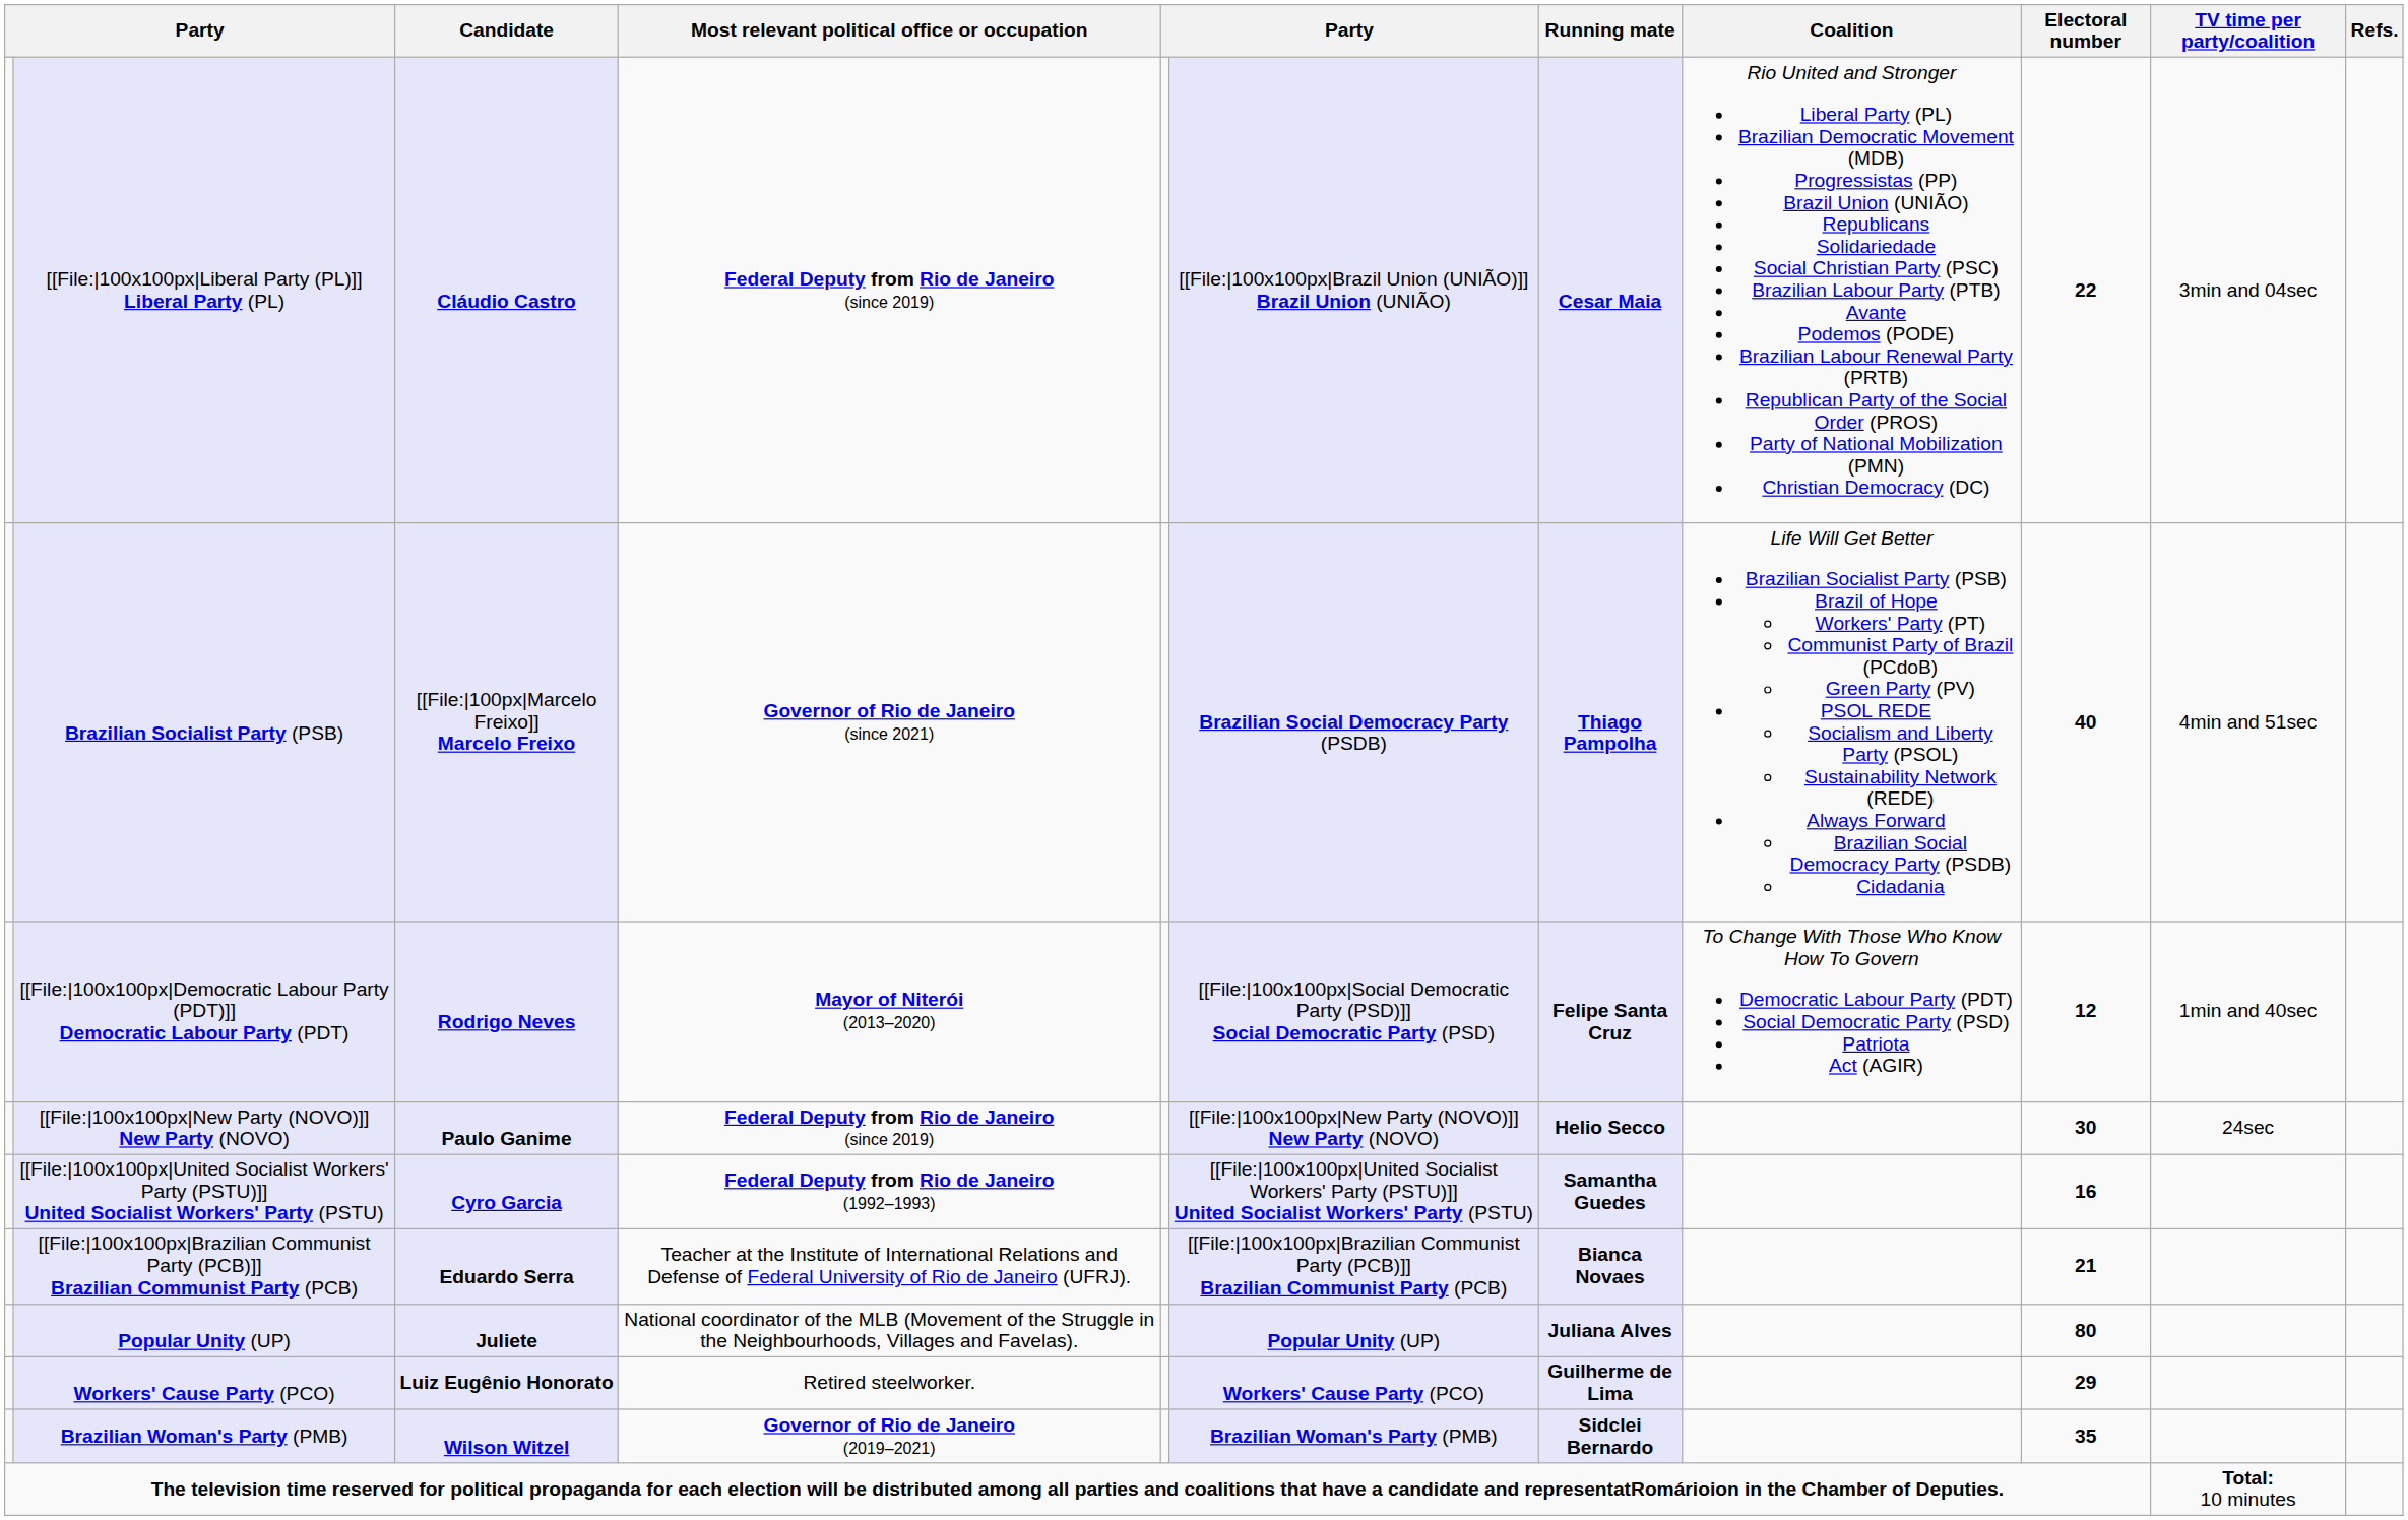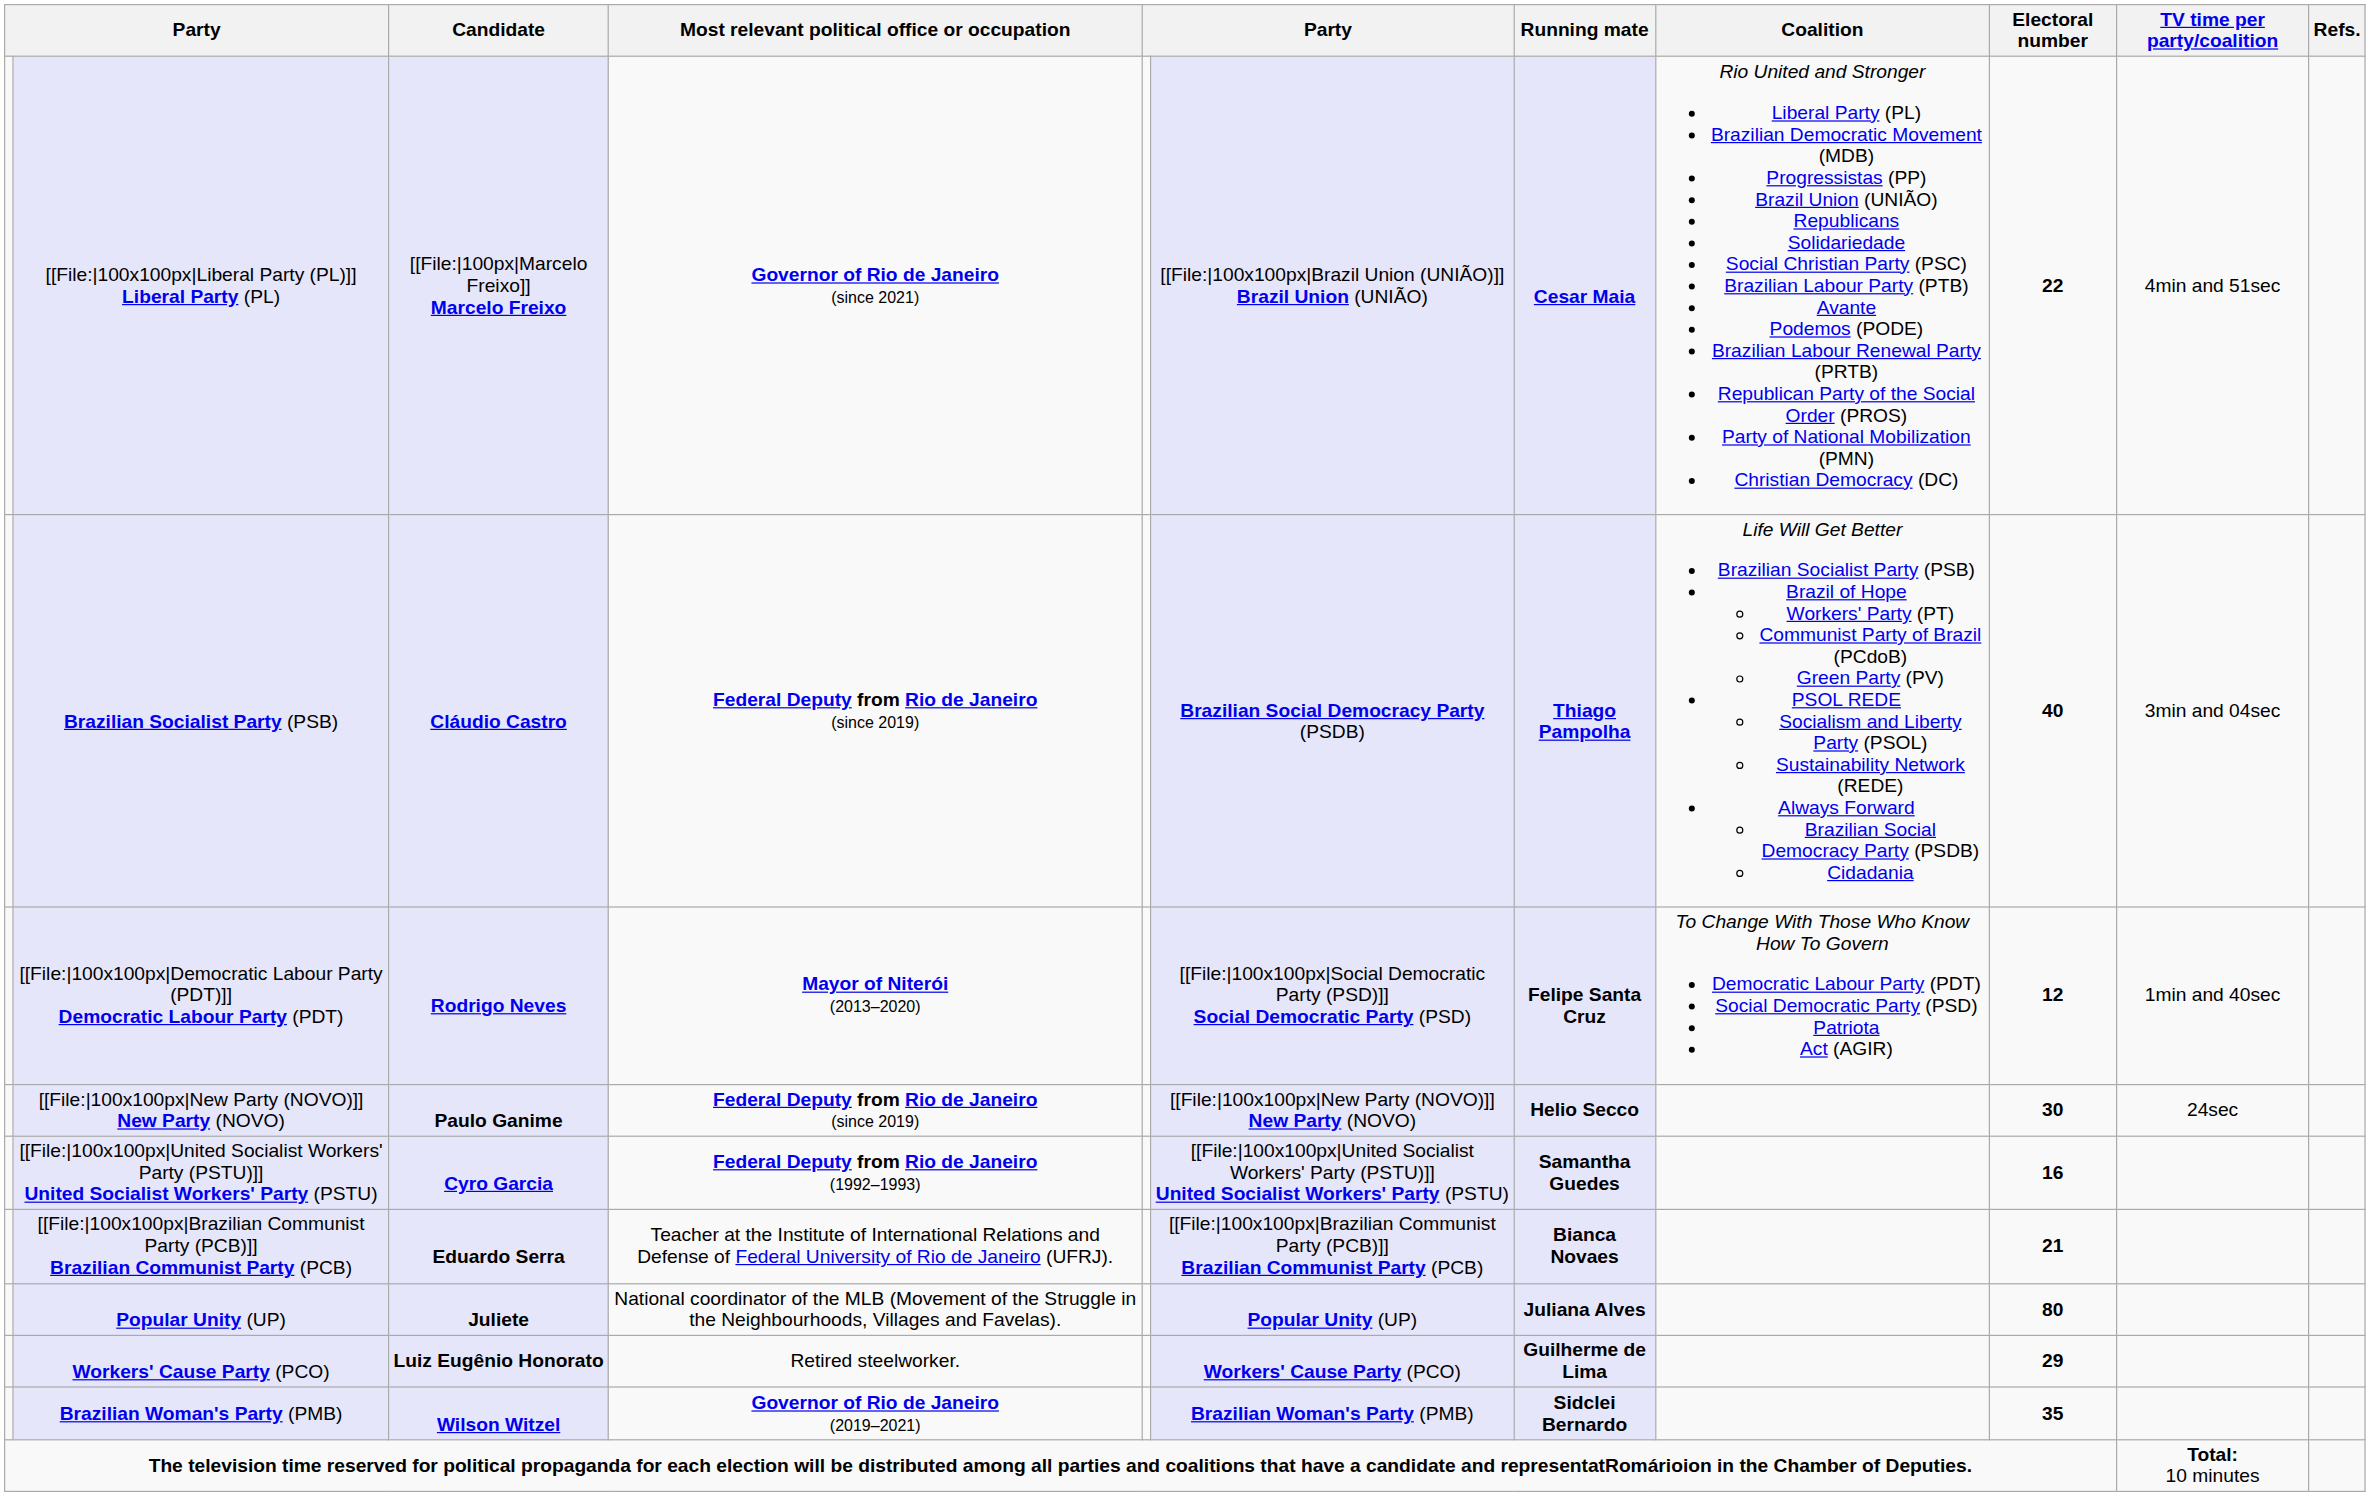 <table class=wikitable style=text-align:center>
 <tr>
 <th colspan=2>Party</th>
 <th>Candidate</th>
 <th style=max-width:10em>Most relevant political office or occupation</th>
 <th colspan="2">Party</th>
 <th>Running mate</th>
 <th>Coalition</th>
 <th>Electoral number</th>
 <th><a href='#'>TV time per party/coalition</a></th>
 <th>Refs.</th>
 </tr>
 <tr>
 <td style="background-color:"></td>
 <td style="background:lavender;">[[File:|100x100px|Liberal Party (PL)]]<br><strong><a href='#'>Liberal Party</a></strong> (PL)</td>
-<td style="background:lavender;"><br><strong><a href='#'>Cláudio Castro</a></strong></td>
-<td><strong><a href='#'>Federal Deputy</a> from <a href='#'>Rio de Janeiro</a></strong><br><small>(since 2019)</small></td>
+<td style="background:lavender;">[[File:|100px|Marcelo Freixo]]<br><strong><a href='#'>Marcelo Freixo</a></strong></td>
+<td><strong><a href='#'>Governor of Rio de Janeiro</a></strong><br><small>(since 2021)</small></td>
 <td style="background-color:"></td>
 <td style="background:lavender;">[[File:|100x100px|Brazil Union (UNIÃO)]]<br><strong><a href='#'>Brazil Union</a></strong> (UNIÃO)</td>
 <td style="background:lavender;"><br><strong><a href='#'>Cesar Maia</a></strong></td>
 <td><em>Rio United and Stronger</em><br><ul><li><a href='#'>Liberal Party</a> (PL)</li><li><a href='#'>Brazilian Democratic Movement</a> (MDB)</li><li><a href='#'>Progressistas</a> (PP)</li><li><a href='#'>Brazil Union</a> (UNIÃO)</li><li><a href='#'>Republicans</a></li><li><a href='#'>Solidariedade</a></li><li><a href='#'>Social Christian Party</a> (PSC)</li><li><a href='#'>Brazilian Labour Party</a> (PTB)</li><li><a href='#'>Avante</a></li><li><a href='#'>Podemos</a> (PODE)</li><li><a href='#'>Brazilian Labour Renewal Party</a> (PRTB)</li><li><a href='#'>Republican Party of the Social Order</a> (PROS)</li><li><a href='#'>Party of National Mobilization</a> (PMN)</li><li><a href='#'>Christian Democracy</a> (DC)</li></ul></td>
 <td><strong>22</strong></td>
-<td>3min and 04sec</td>
+<td>4min and 51sec</td>
 <td></td>
 </tr>
 <tr>
 <td style="background-color:"></td>
 <td style="background:lavender;"><br><strong><a href='#'>Brazilian Socialist Party</a></strong> (PSB)</td>
-<td style="background:lavender;">[[File:|100px|Marcelo Freixo]]<br><strong><a href='#'>Marcelo Freixo</a></strong></td>
-<td><strong><a href='#'>Governor of Rio de Janeiro</a></strong><br><small>(since 2021)</small></td>
+<td style="background:lavender;"><br><strong><a href='#'>Cláudio Castro</a></strong></td>
+<td><strong><a href='#'>Federal Deputy</a> from <a href='#'>Rio de Janeiro</a></strong><br><small>(since 2019)</small></td>
 <td style="background-color:"></td>
 <td style="background:lavender;"><br><strong><a href='#'>Brazilian Social Democracy Party</a></strong> (PSDB)</td>
 <td style="background:lavender;"><br><strong><a href='#'>Thiago Pampolha</a></strong></td>
 <td><em>Life Will Get Better</em><br><ul><li><a href='#'>Brazilian Socialist Party</a> (PSB)</li><li><a href='#'>Brazil of Hope</a><ul><li><a href='#'>Workers' Party</a> (PT)</li><li><a href='#'>Communist Party of Brazil</a> (PCdoB)</li><li><a href='#'>Green Party</a> (PV)</li></ul></li><li><a href='#'>PSOL REDE</a><ul><li><a href='#'>Socialism and Liberty Party</a> (PSOL)</li><li><a href='#'>Sustainability Network</a> (REDE)</li></ul></li><li><a href='#'>Always Forward</a><ul><li><a href='#'>Brazilian Social Democracy Party</a> (PSDB)</li><li><a href='#'>Cidadania</a></li></ul></li></ul></td>
 <td><strong>40</strong></td>
-<td>4min and 51sec</td>
+<td>3min and 04sec</td>
 <td></td>
 </tr>
 <tr>
 <td style="background-color:"></td>
 <td style="background:lavender;">[[File:|100x100px|Democratic Labour Party (PDT)]]<br><strong><a href='#'>Democratic Labour Party</a></strong> (PDT)</td>
 <td style="background:lavender;"><br><strong><a href='#'>Rodrigo Neves</a></strong></td>
 <td><strong><a href='#'>Mayor of Niterói</a></strong><br><small>(2013–2020)</small></td>
 <td style="background-color:"></td>
 <td style="background:lavender;">[[File:|100x100px|Social Democratic Party (PSD)]]<br><strong><a href='#'>Social Democratic Party</a></strong> (PSD)</td>
 <td style="background:lavender;"><br><strong>Felipe Santa Cruz</strong></td>
 <td><em>To Change With Those Who Know How To Govern</em><br><ul><li><a href='#'>Democratic Labour Party</a> (PDT)</li><li><a href='#'>Social Democratic Party</a> (PSD)</li><li><a href='#'>Patriota</a></li><li><a href='#'>Act</a> (AGIR)</li></ul></td>
 <td><strong>12</strong></td>
 <td>1min and 40sec</td>
 <td></td>
 </tr>
 <tr>
 <td style="background-color:"></td>
 <td style="background:lavender;">[[File:|100x100px|New Party (NOVO)]]<br><strong><a href='#'>New Party</a></strong> (NOVO)</td>
 <td style="background:lavender;"><br><strong>Paulo Ganime</strong></td>
 <td><strong><a href='#'>Federal Deputy</a> from <a href='#'>Rio de Janeiro</a></strong><br><small>(since 2019)</small></td>
 <td style="background-color:"></td>
 <td style="background:lavender;">[[File:|100x100px|New Party (NOVO)]]<br><strong><a href='#'>New Party</a></strong> (NOVO)</td>
 <td style="background:lavender;"><strong>Helio Secco</strong></td>
 <td></td>
 <td><strong>30</strong></td>
 <td>24sec</td>
 <td></td>
 </tr>
 <tr>
 <td style="background-color:"></td>
 <td style="background:lavender;">[[File:|100x100px|United Socialist Workers' Party (PSTU)]]<br><strong><a href='#'>United Socialist Workers' Party</a></strong> (PSTU)</td>
 <td style="background:lavender;"><br><strong><a href='#'>Cyro Garcia</a></strong></td>
 <td><strong><a href='#'>Federal Deputy</a> from <a href='#'>Rio de Janeiro</a></strong><br><small>(1992–1993)</small></td>
 <td style="background-color:"></td>
 <td style="background:lavender;">[[File:|100x100px|United Socialist Workers' Party (PSTU)]]<br><strong><a href='#'>United Socialist Workers' Party</a></strong> (PSTU)</td>
 <td style="background:lavender;"><strong>Samantha Guedes</strong></td>
 <td></td>
 <td><strong>16</strong></td>
 <td></td>
 <td></td>
 </tr>
 <tr>
 <td style="background-color:"></td>
 <td style="background:lavender;">[[File:|100x100px|Brazilian Communist Party (PCB)]]<br><strong><a href='#'>Brazilian Communist Party</a></strong> (PCB)</td>
 <td style="background:lavender;"><br><strong>Eduardo Serra</strong></td>
 <td>Teacher at the Institute of International Relations and Defense of <a href='#'>Federal University of Rio de Janeiro</a> (UFRJ).</td>
 <td style="background-color:"></td>
 <td style="background:lavender;">[[File:|100x100px|Brazilian Communist Party (PCB)]]<br><strong><a href='#'>Brazilian Communist Party</a></strong> (PCB)</td>
 <td style="background:lavender;"><strong>Bianca Novaes</strong></td>
 <td></td>
 <td><strong>21</strong></td>
 <td></td>
 <td></td>
 </tr>
 <tr>
 <td style="background-color:"></td>
 <td style="background:lavender;"><br><strong><a href='#'>Popular Unity</a></strong> (UP)</td>
 <td style="background:lavender;"><br><strong>Juliete</strong></td>
 <td>National coordinator of the MLB (Movement of the Struggle in the Neighbourhoods, Villages and Favelas).</td>
 <td style="background-color:"></td>
 <td style="background:lavender;"><br><strong><a href='#'>Popular Unity</a></strong> (UP)</td>
 <td style="background:lavender;"><strong>Juliana Alves</strong></td>
 <td></td>
 <td><strong>80</strong></td>
 <td></td>
 <td></td>
 </tr>
 <tr>
 <td style="background-color:"></td>
 <td style="background:lavender;"><br> <strong><a href='#'>Workers' Cause Party</a></strong> (PCO)</td>
 <td style="background:lavender;"><strong>Luiz Eugênio Honorato</strong></td>
 <td>Retired steelworker.</td>
 <td style="background-color:"></td>
 <td style="background:lavender;"><br> <strong><a href='#'>Workers' Cause Party</a></strong> (PCO)</td>
 <td style="background:lavender;"><strong>Guilherme de Lima</strong></td>
 <td></td>
 <td><strong>29</strong></td>
 <td></td>
 <td></td>
 </tr>
 <tr>
 <td style="background-color:"></td>
 <td style="background:lavender;"><strong><a href='#'>Brazilian Woman's Party</a></strong> (PMB)</td>
 <td style="background:lavender;"><br><strong><a href='#'>Wilson Witzel</a></strong></td>
 <td><strong><a href='#'>Governor of Rio de Janeiro</a></strong><br><small>(2019–2021)</small></td>
 <td style="background-color:"></td>
 <td style="background:lavender;"><strong><a href='#'>Brazilian Woman's Party</a></strong> (PMB)</td>
 <td style="background:lavender;"><strong>Sidclei Bernardo</strong></td>
 <td></td>
 <td><strong>35</strong></td>
 <td></td>
 <td></td>
 </tr>
 <tr>
 <td colspan="9"><strong>The television time reserved for political propaganda for each election will be distributed among all parties and coalitions that have a candidate and representatRomárioion in the Chamber of Deputies.</strong></td>
 <td><strong>Total:</strong> <br>10 minutes</td>
 <td></td>
 </tr>
 </table>
